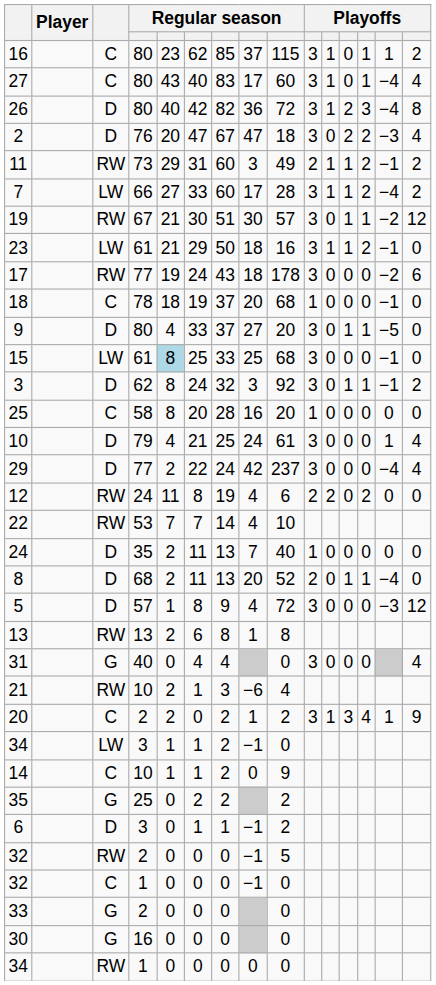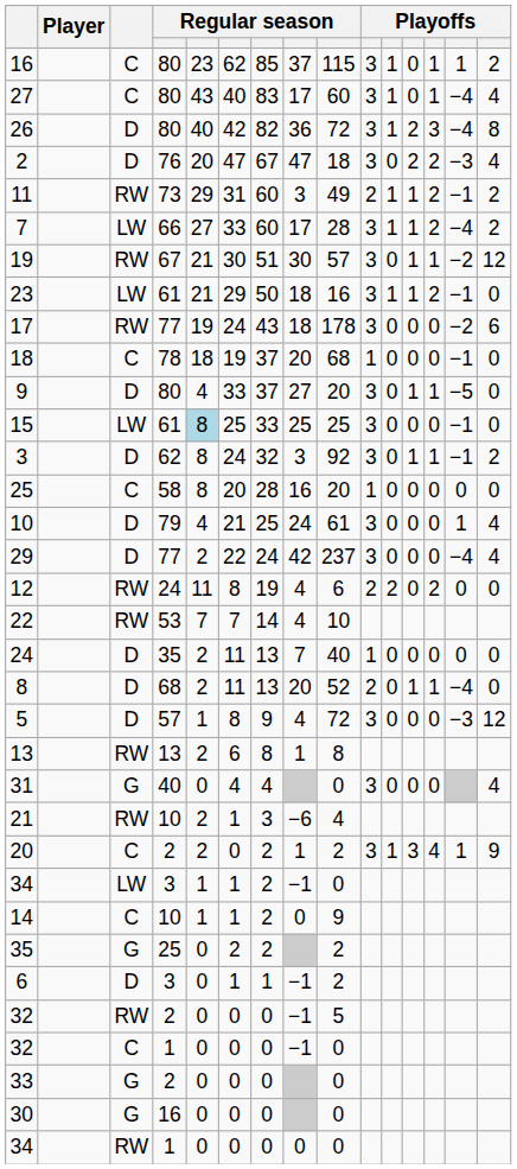 <table class="wikitable sortable plainrowheaders" style="text-align:center;">
 <tr>
 <th scope="col" data-sort-type="number" rowspan="2"></th>
 <th scope="col" rowspan="2">Player</th>
 <th scope="col" rowspan="2"></th>
 <th scope=colgroup colspan=6>Regular season</th>
 <th scope=colgroup colspan=6>Playoffs</th>
 </tr>
 <tr>
 <th scope="col" data-sort-type="number"></th>
 <th scope="col" data-sort-type="number"></th>
 <th scope="col" data-sort-type="number"></th>
 <th scope="col" data-sort-type="number"></th>
 <th scope="col" data-sort-type="number"></th>
 <th scope="col" data-sort-type="number"></th>
 <th scope="col" data-sort-type="number"></th>
 <th scope="col" data-sort-type="number"></th>
 <th scope="col" data-sort-type="number"></th>
 <th scope="col" data-sort-type="number"></th>
 <th scope="col" data-sort-type="number"></th>
 <th scope="col" data-sort-type="number"></th>
 </tr>
 <tr>
 <td scope="row">16</td>
 <td align="left"></td>
 <td>C</td>
 <td>80</td>
 <td>23</td>
 <td>62</td>
 <td>85</td>
 <td>37</td>
 <td>115</td>
 <td>3</td>
 <td>1</td>
 <td>0</td>
 <td>1</td>
 <td>1</td>
 <td>2</td>
 </tr>
 <tr>
 <td scope="row">27</td>
 <td align="left"></td>
 <td>C</td>
 <td>80</td>
 <td>43</td>
 <td>40</td>
 <td>83</td>
 <td>17</td>
 <td>60</td>
 <td>3</td>
 <td>1</td>
 <td>0</td>
 <td>1</td>
 <td>−4</td>
 <td>4</td>
 </tr>
 <tr>
 <td scope="row">26</td>
 <td align="left"></td>
 <td>D</td>
 <td>80</td>
 <td>40</td>
 <td>42</td>
 <td>82</td>
 <td>36</td>
 <td>72</td>
 <td>3</td>
 <td>1</td>
 <td>2</td>
 <td>3</td>
 <td>−4</td>
 <td>8</td>
 </tr>
 <tr>
 <td scope="row">2</td>
 <td align="left"></td>
 <td>D</td>
 <td>76</td>
 <td>20</td>
 <td>47</td>
 <td>67</td>
 <td>47</td>
 <td>18</td>
 <td>3</td>
 <td>0</td>
 <td>2</td>
 <td>2</td>
 <td>−3</td>
 <td>4</td>
 </tr>
 <tr>
 <td scope="row">11</td>
 <td align="left"></td>
 <td>RW</td>
 <td>73</td>
 <td>29</td>
 <td>31</td>
 <td>60</td>
 <td>3</td>
 <td>49</td>
 <td>2</td>
 <td>1</td>
 <td>1</td>
 <td>2</td>
 <td>−1</td>
 <td>2</td>
 </tr>
 <tr>
 <td scope="row">7</td>
 <td align="left"></td>
 <td>LW</td>
 <td>66</td>
 <td>27</td>
 <td>33</td>
 <td>60</td>
 <td>17</td>
 <td>28</td>
 <td>3</td>
 <td>1</td>
 <td>1</td>
 <td>2</td>
 <td>−4</td>
 <td>2</td>
 </tr>
 <tr>
 <td scope="row">19</td>
 <td align="left"></td>
 <td>RW</td>
 <td>67</td>
 <td>21</td>
 <td>30</td>
 <td>51</td>
 <td>30</td>
 <td>57</td>
 <td>3</td>
 <td>0</td>
 <td>1</td>
 <td>1</td>
 <td>−2</td>
 <td>12</td>
 </tr>
 <tr>
 <td scope="row">23</td>
 <td align="left"></td>
 <td>LW</td>
 <td>61</td>
 <td>21</td>
 <td>29</td>
 <td>50</td>
 <td>18</td>
 <td>16</td>
 <td>3</td>
 <td>1</td>
 <td>1</td>
 <td>2</td>
 <td>−1</td>
 <td>0</td>
 </tr>
 <tr>
 <td scope="row">17</td>
 <td align="left"></td>
 <td>RW</td>
 <td>77</td>
 <td>19</td>
 <td>24</td>
 <td>43</td>
 <td>18</td>
 <td>178</td>
 <td>3</td>
 <td>0</td>
 <td>0</td>
 <td>0</td>
 <td>−2</td>
 <td>6</td>
 </tr>
 <tr>
 <td scope="row">18</td>
 <td align="left"></td>
 <td>C</td>
 <td>78</td>
 <td>18</td>
 <td>19</td>
 <td>37</td>
 <td>20</td>
 <td>68</td>
 <td>1</td>
 <td>0</td>
 <td>0</td>
 <td>0</td>
 <td>−1</td>
 <td>0</td>
 </tr>
 <tr>
 <td scope="row">9</td>
 <td align="left"></td>
 <td>D</td>
 <td>80</td>
 <td>4</td>
 <td>33</td>
 <td>37</td>
 <td>27</td>
 <td>20</td>
 <td>3</td>
 <td>0</td>
 <td>1</td>
 <td>1</td>
 <td>−5</td>
 <td>0</td>
 </tr>
 <tr>
 <td scope="row">15</td>
 <td align="left"></td>
 <td>LW</td>
 <td>61</td>
 <td style="background: lightblue;">8</td>
 <td>25</td>
 <td>33</td>
 <td>25</td>
-<td>68</td>
+<td>25</td>
 <td>3</td>
 <td>0</td>
 <td>0</td>
 <td>0</td>
 <td>−1</td>
 <td>0</td>
 </tr>
 <tr>
 <td scope="row">3</td>
 <td align="left"></td>
 <td>D</td>
 <td>62</td>
 <td>8</td>
 <td>24</td>
 <td>32</td>
 <td>3</td>
 <td>92</td>
 <td>3</td>
 <td>0</td>
 <td>1</td>
 <td>1</td>
 <td>−1</td>
 <td>2</td>
 </tr>
 <tr>
 <td scope="row">25</td>
 <td align="left"></td>
 <td>C</td>
 <td>58</td>
 <td>8</td>
 <td>20</td>
 <td>28</td>
 <td>16</td>
 <td>20</td>
 <td>1</td>
 <td>0</td>
 <td>0</td>
 <td>0</td>
 <td>0</td>
 <td>0</td>
 </tr>
 <tr>
 <td scope="row">10</td>
 <td align="left"></td>
 <td>D</td>
 <td>79</td>
 <td>4</td>
 <td>21</td>
 <td>25</td>
 <td>24</td>
 <td>61</td>
 <td>3</td>
 <td>0</td>
 <td>0</td>
 <td>0</td>
 <td>1</td>
 <td>4</td>
 </tr>
 <tr>
 <td scope="row">29</td>
 <td align="left"></td>
 <td>D</td>
 <td>77</td>
 <td>2</td>
 <td>22</td>
 <td>24</td>
 <td>42</td>
 <td>237</td>
 <td>3</td>
 <td>0</td>
 <td>0</td>
 <td>0</td>
 <td>−4</td>
 <td>4</td>
 </tr>
 <tr>
 <td scope="row">12</td>
 <td align="left"></td>
 <td>RW</td>
 <td>24</td>
 <td>11</td>
 <td>8</td>
 <td>19</td>
 <td>4</td>
 <td>6</td>
 <td>2</td>
 <td>2</td>
 <td>0</td>
 <td>2</td>
 <td>0</td>
 <td>0</td>
 </tr>
 <tr>
 <td scope="row">22</td>
 <td align="left"></td>
 <td>RW</td>
 <td>53</td>
 <td>7</td>
 <td>7</td>
 <td>14</td>
 <td>4</td>
 <td>10</td>
 <td></td>
 <td></td>
 <td></td>
 <td></td>
 <td></td>
 <td></td>
 </tr>
 <tr>
 <td scope="row">24</td>
 <td align="left"></td>
 <td>D</td>
 <td>35</td>
 <td>2</td>
 <td>11</td>
 <td>13</td>
 <td>7</td>
 <td>40</td>
 <td>1</td>
 <td>0</td>
 <td>0</td>
 <td>0</td>
 <td>0</td>
 <td>0</td>
 </tr>
 <tr>
 <td scope="row">8</td>
 <td align="left"></td>
 <td>D</td>
 <td>68</td>
 <td>2</td>
 <td>11</td>
 <td>13</td>
 <td>20</td>
 <td>52</td>
 <td>2</td>
 <td>0</td>
 <td>1</td>
 <td>1</td>
 <td>−4</td>
 <td>0</td>
 </tr>
 <tr>
 <td scope="row">5</td>
 <td align="left"></td>
 <td>D</td>
 <td>57</td>
 <td>1</td>
 <td>8</td>
 <td>9</td>
 <td>4</td>
 <td>72</td>
 <td>3</td>
 <td>0</td>
 <td>0</td>
 <td>0</td>
 <td>−3</td>
 <td>12</td>
 </tr>
 <tr>
 <td scope="row">13</td>
 <td align="left"></td>
 <td>RW</td>
 <td>13</td>
 <td>2</td>
 <td>6</td>
 <td>8</td>
 <td>1</td>
 <td>8</td>
 <td></td>
 <td></td>
 <td></td>
 <td></td>
 <td></td>
 <td></td>
 </tr>
 <tr>
 <td scope="row">31</td>
 <td align="left"></td>
 <td>G</td>
 <td>40</td>
 <td>0</td>
 <td>4</td>
 <td>4</td>
 <td style="background:#ccc"></td>
 <td>0</td>
 <td>3</td>
 <td>0</td>
 <td>0</td>
 <td>0</td>
 <td style="background:#ccc"></td>
 <td>4</td>
 </tr>
 <tr>
 <td scope="row">21</td>
 <td align="left"></td>
 <td>RW</td>
 <td>10</td>
 <td>2</td>
 <td>1</td>
 <td>3</td>
 <td>−6</td>
 <td>4</td>
 <td></td>
 <td></td>
 <td></td>
 <td></td>
 <td></td>
 <td></td>
 </tr>
 <tr>
 <td scope="row">20</td>
 <td align="left"></td>
 <td>C</td>
 <td>2</td>
 <td>2</td>
 <td>0</td>
 <td>2</td>
 <td>1</td>
 <td>2</td>
 <td>3</td>
 <td>1</td>
 <td>3</td>
 <td>4</td>
 <td>1</td>
 <td>9</td>
 </tr>
 <tr>
 <td scope="row">34</td>
 <td align="left"></td>
 <td>LW</td>
 <td>3</td>
 <td>1</td>
 <td>1</td>
 <td>2</td>
 <td>−1</td>
 <td>0</td>
 <td></td>
 <td></td>
 <td></td>
 <td></td>
 <td></td>
 <td></td>
 </tr>
 <tr>
 <td scope="row">14</td>
 <td align="left"></td>
 <td>C</td>
 <td>10</td>
 <td>1</td>
 <td>1</td>
 <td>2</td>
 <td>0</td>
 <td>9</td>
 <td></td>
 <td></td>
 <td></td>
 <td></td>
 <td></td>
 <td></td>
 </tr>
 <tr>
 <td scope="row">35</td>
 <td align="left"></td>
 <td>G</td>
 <td>25</td>
 <td>0</td>
 <td>2</td>
 <td>2</td>
 <td style="background:#ccc"></td>
 <td>2</td>
 <td></td>
 <td></td>
 <td></td>
 <td></td>
 <td></td>
 <td></td>
 </tr>
 <tr>
 <td scope="row">6</td>
 <td align="left"></td>
 <td>D</td>
 <td>3</td>
 <td>0</td>
 <td>1</td>
 <td>1</td>
 <td>−1</td>
 <td>2</td>
 <td></td>
 <td></td>
 <td></td>
 <td></td>
 <td></td>
 <td></td>
 </tr>
 <tr>
 <td scope="row">32</td>
 <td align="left"></td>
 <td>RW</td>
 <td>2</td>
 <td>0</td>
 <td>0</td>
 <td>0</td>
 <td>−1</td>
 <td>5</td>
 <td></td>
 <td></td>
 <td></td>
 <td></td>
 <td></td>
 <td></td>
 </tr>
 <tr>
 <td scope="row">32</td>
 <td align="left"></td>
 <td>C</td>
 <td>1</td>
 <td>0</td>
 <td>0</td>
 <td>0</td>
 <td>−1</td>
 <td>0</td>
 <td></td>
 <td></td>
 <td></td>
 <td></td>
 <td></td>
 <td></td>
 </tr>
 <tr>
 <td scope="row">33</td>
 <td align="left"></td>
 <td>G</td>
 <td>2</td>
 <td>0</td>
 <td>0</td>
 <td>0</td>
 <td style="background:#ccc"></td>
 <td>0</td>
 <td></td>
 <td></td>
 <td></td>
 <td></td>
 <td></td>
 <td></td>
 </tr>
 <tr>
 <td scope="row">30</td>
 <td align="left"></td>
 <td>G</td>
 <td>16</td>
 <td>0</td>
 <td>0</td>
 <td>0</td>
 <td style="background:#ccc"></td>
 <td>0</td>
 <td></td>
 <td></td>
 <td></td>
 <td></td>
 <td></td>
 <td></td>
 </tr>
 <tr>
 <td scope="row">34</td>
 <td align="left"></td>
 <td>RW</td>
 <td>1</td>
 <td>0</td>
 <td>0</td>
 <td>0</td>
 <td>0</td>
 <td>0</td>
 <td></td>
 <td></td>
 <td></td>
 <td></td>
 <td></td>
 <td></td>
 </tr>
 </table>
